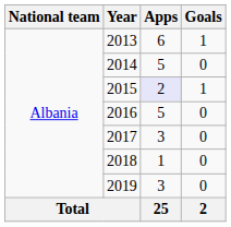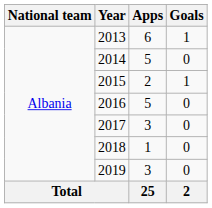 <table class="wikitable" style="text-align:center">
 <tr>
 <th>National team</th>
 <th>Year</th>
 <th>Apps</th>
 <th>Goals</th>
 </tr>
 <tr>
 <td rowspan="7"><a href='#'>Albania</a></td>
 <td>2013</td>
 <td>6</td>
 <td>1</td>
 </tr>
 <tr>
 <td>2014</td>
 <td>5</td>
 <td>0</td>
 </tr>
 <tr>
 <td>2015</td>
-<td style="background: lavender;">2</td>
+<td>2</td>
 <td>1</td>
 </tr>
 <tr>
 <td>2016</td>
 <td>5</td>
 <td>0</td>
 </tr>
 <tr>
 <td>2017</td>
 <td>3</td>
 <td>0</td>
 </tr>
 <tr>
 <td>2018</td>
 <td>1</td>
 <td>0</td>
 </tr>
 <tr>
 <td>2019</td>
 <td>3</td>
 <td>0</td>
 </tr>
 <tr>
 <th colspan="2">Total</th>
 <th>25</th>
 <th>2</th>
 </tr>
 </table>
